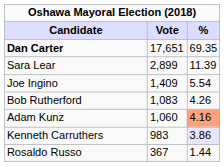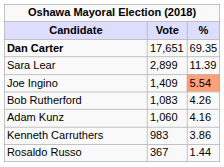 <table class="wikitable">
 <tr>
 <td Colspan="3" align="center"><strong>Oshawa Mayoral Election (2018)</strong></td>
 </tr>
 <tr>
 <th style="background:#ddf; width:200px;">Candidate</th>
 <th style="background:#ddf; width:50px;">Vote</th>
 <th style="background:#ddf; width:30px;">%</th>
 </tr>
 <tr>
 <td><strong>Dan Carter</strong></td>
 <td>17,651</td>
 <td>69.35</td>
 </tr>
 <tr>
 <td>Sara Lear</td>
 <td>2,899</td>
 <td>11.39</td>
 </tr>
 <tr>
 <td>Joe Ingino</td>
 <td>1,409</td>
-<td>5.54</td>
+<td style="background: lightsalmon;">5.54</td>
 </tr>
 <tr>
 <td>Bob Rutherford</td>
 <td>1,083</td>
 <td>4.26</td>
 </tr>
 <tr>
 <td>Adam Kunz</td>
 <td>1,060</td>
-<td style="background: lightsalmon;">4.16</td>
+<td>4.16</td>
 </tr>
 <tr>
 <td>Kenneth Carruthers</td>
 <td>983</td>
-<td style="background: lavender;">3.86</td>
+<td>3.86</td>
 </tr>
 <tr>
 <td>Rosaldo Russo</td>
 <td>367</td>
 <td>1.44</td>
 </tr>
 </table>
